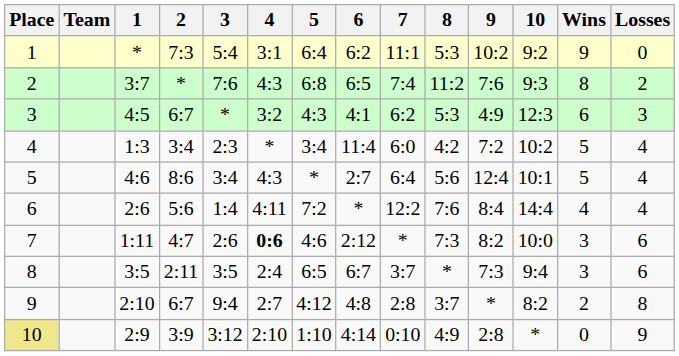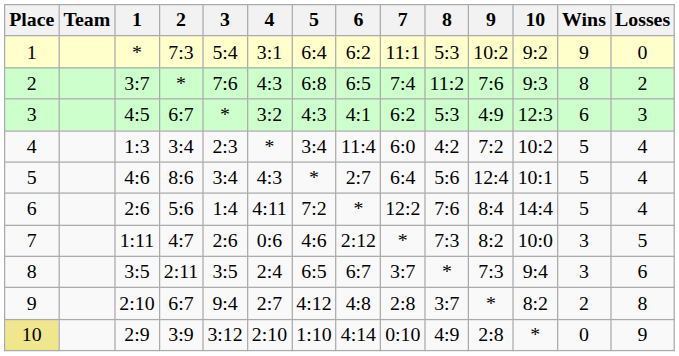 <table class="wikitable" style="text-align:center;">
 <tr>
 <th>Place</th>
 <th>Team</th>
 <th width="25">1</th>
 <th width="25">2</th>
 <th width="25">3</th>
 <th width="25">4</th>
 <th width="25">5</th>
 <th width="25">6</th>
 <th width="25">7</th>
 <th width="25">8</th>
 <th width="25">9</th>
 <th width="25">10</th>
 <th>Wins</th>
 <th>Losses</th>
 </tr>
 <tr bgcolor=#ffc>
 <td>1</td>
 <td align="left"></td>
 <td>*</td>
 <td>7:3</td>
 <td>5:4</td>
 <td>3:1</td>
 <td>6:4</td>
 <td>6:2</td>
 <td>11:1</td>
 <td>5:3</td>
 <td>10:2</td>
 <td>9:2</td>
 <td>9</td>
 <td>0</td>
 </tr>
 <tr bgcolor=#cfc>
 <td>2</td>
 <td align="left"></td>
 <td>3:7</td>
 <td>*</td>
 <td>7:6</td>
 <td>4:3</td>
 <td>6:8</td>
 <td>6:5</td>
 <td>7:4</td>
 <td>11:2</td>
 <td>7:6</td>
 <td>9:3</td>
 <td>8</td>
 <td>2</td>
 </tr>
 <tr bgcolor=#cfc>
 <td>3</td>
 <td align="left"></td>
 <td>4:5</td>
 <td>6:7</td>
 <td>*</td>
 <td>3:2</td>
 <td>4:3</td>
 <td>4:1</td>
 <td>6:2</td>
 <td>5:3</td>
 <td>4:9</td>
 <td>12:3</td>
 <td>6</td>
 <td>3</td>
 </tr>
 <tr>
 <td>4</td>
 <td align="left"></td>
 <td>1:3</td>
 <td>3:4</td>
 <td>2:3</td>
 <td>*</td>
 <td>3:4</td>
 <td>11:4</td>
 <td>6:0</td>
 <td>4:2</td>
 <td>7:2</td>
 <td>10:2</td>
 <td>5</td>
 <td>4</td>
 </tr>
 <tr>
 <td>5</td>
 <td align="left"></td>
 <td>4:6</td>
 <td>8:6</td>
 <td>3:4</td>
 <td>4:3</td>
 <td>*</td>
 <td>2:7</td>
 <td>6:4</td>
 <td>5:6</td>
 <td>12:4</td>
 <td>10:1</td>
 <td>5</td>
 <td>4</td>
 </tr>
 <tr>
 <td>6</td>
 <td align="left"></td>
 <td>2:6</td>
 <td>5:6</td>
 <td>1:4</td>
 <td>4:11</td>
 <td>7:2</td>
 <td>*</td>
 <td>12:2</td>
 <td>7:6</td>
 <td>8:4</td>
 <td>14:4</td>
-<td>4</td>
+<td>5</td>
 <td>4</td>
 </tr>
 <tr>
 <td>7</td>
 <td align="left"></td>
 <td>1:11</td>
 <td>4:7</td>
 <td>2:6</td>
-<td><strong>0:6</strong></td>
+<td>0:6</td>
 <td>4:6</td>
 <td>2:12</td>
 <td>*</td>
 <td>7:3</td>
 <td>8:2</td>
 <td>10:0</td>
 <td>3</td>
-<td>6</td>
+<td>5</td>
 </tr>
 <tr>
 <td>8</td>
 <td align="left"></td>
 <td>3:5</td>
 <td>2:11</td>
 <td>3:5</td>
 <td>2:4</td>
 <td>6:5</td>
 <td>6:7</td>
 <td>3:7</td>
 <td>*</td>
 <td>7:3</td>
 <td>9:4</td>
 <td>3</td>
 <td>6</td>
 </tr>
 <tr>
 <td>9</td>
 <td align="left"></td>
 <td>2:10</td>
 <td>6:7</td>
 <td>9:4</td>
 <td>2:7</td>
 <td>4:12</td>
 <td>4:8</td>
 <td>2:8</td>
 <td>3:7</td>
 <td>*</td>
 <td>8:2</td>
 <td>2</td>
 <td>8</td>
 </tr>
 <tr>
 <td style="background: khaki;">10</td>
 <td align="left"></td>
 <td>2:9</td>
 <td>3:9</td>
 <td>3:12</td>
 <td>2:10</td>
 <td>1:10</td>
 <td>4:14</td>
 <td>0:10</td>
 <td>4:9</td>
 <td>2:8</td>
 <td>*</td>
 <td>0</td>
 <td>9</td>
 </tr>
 </table>
